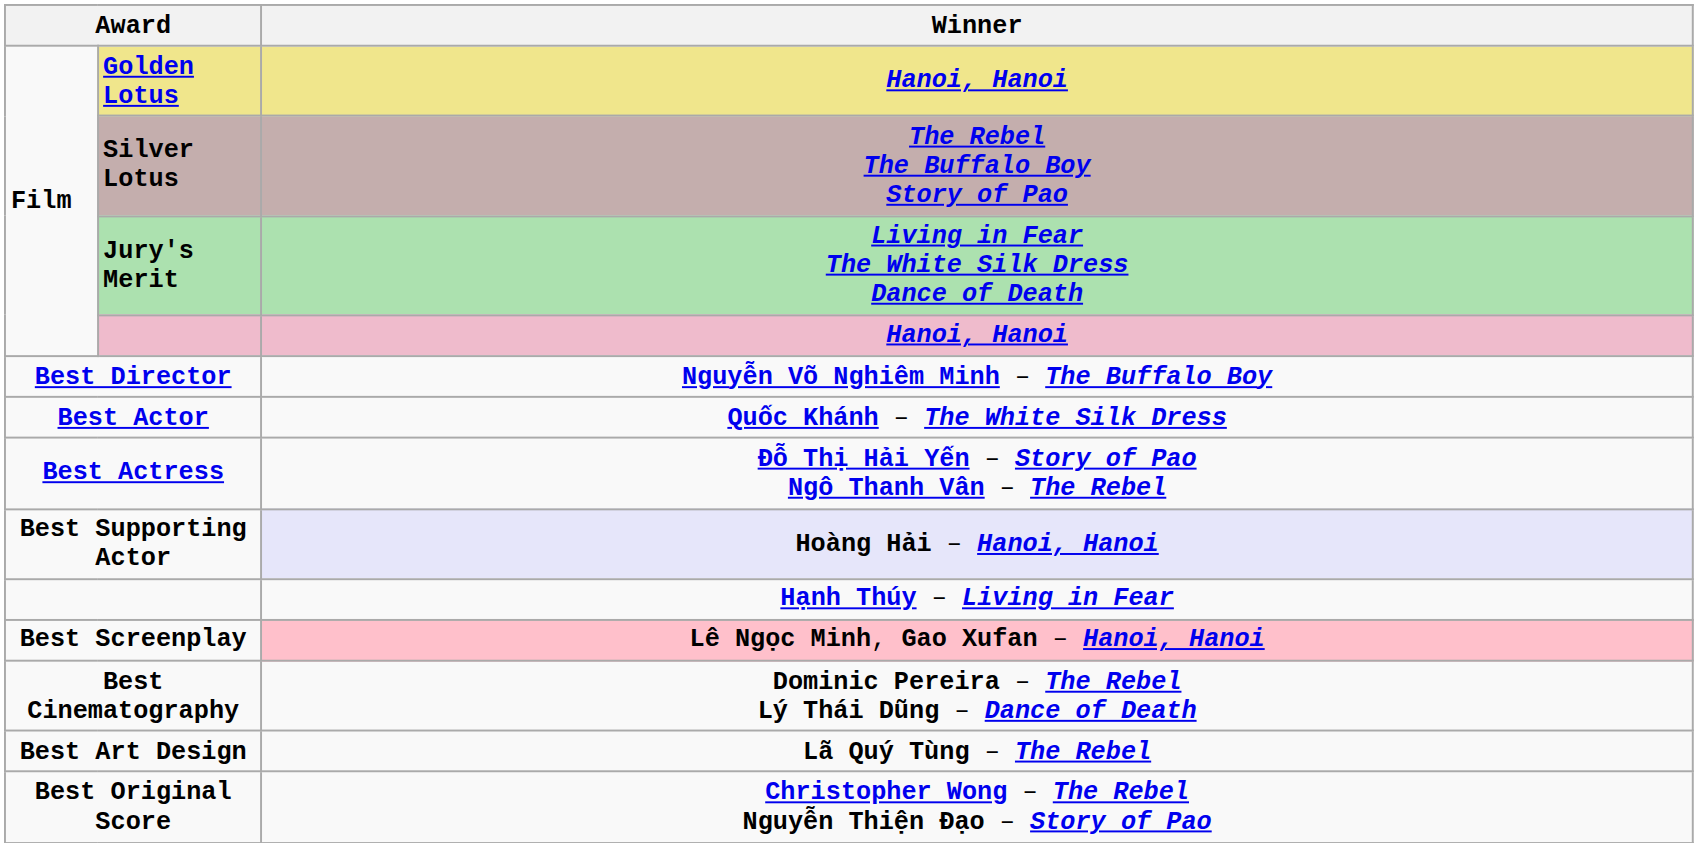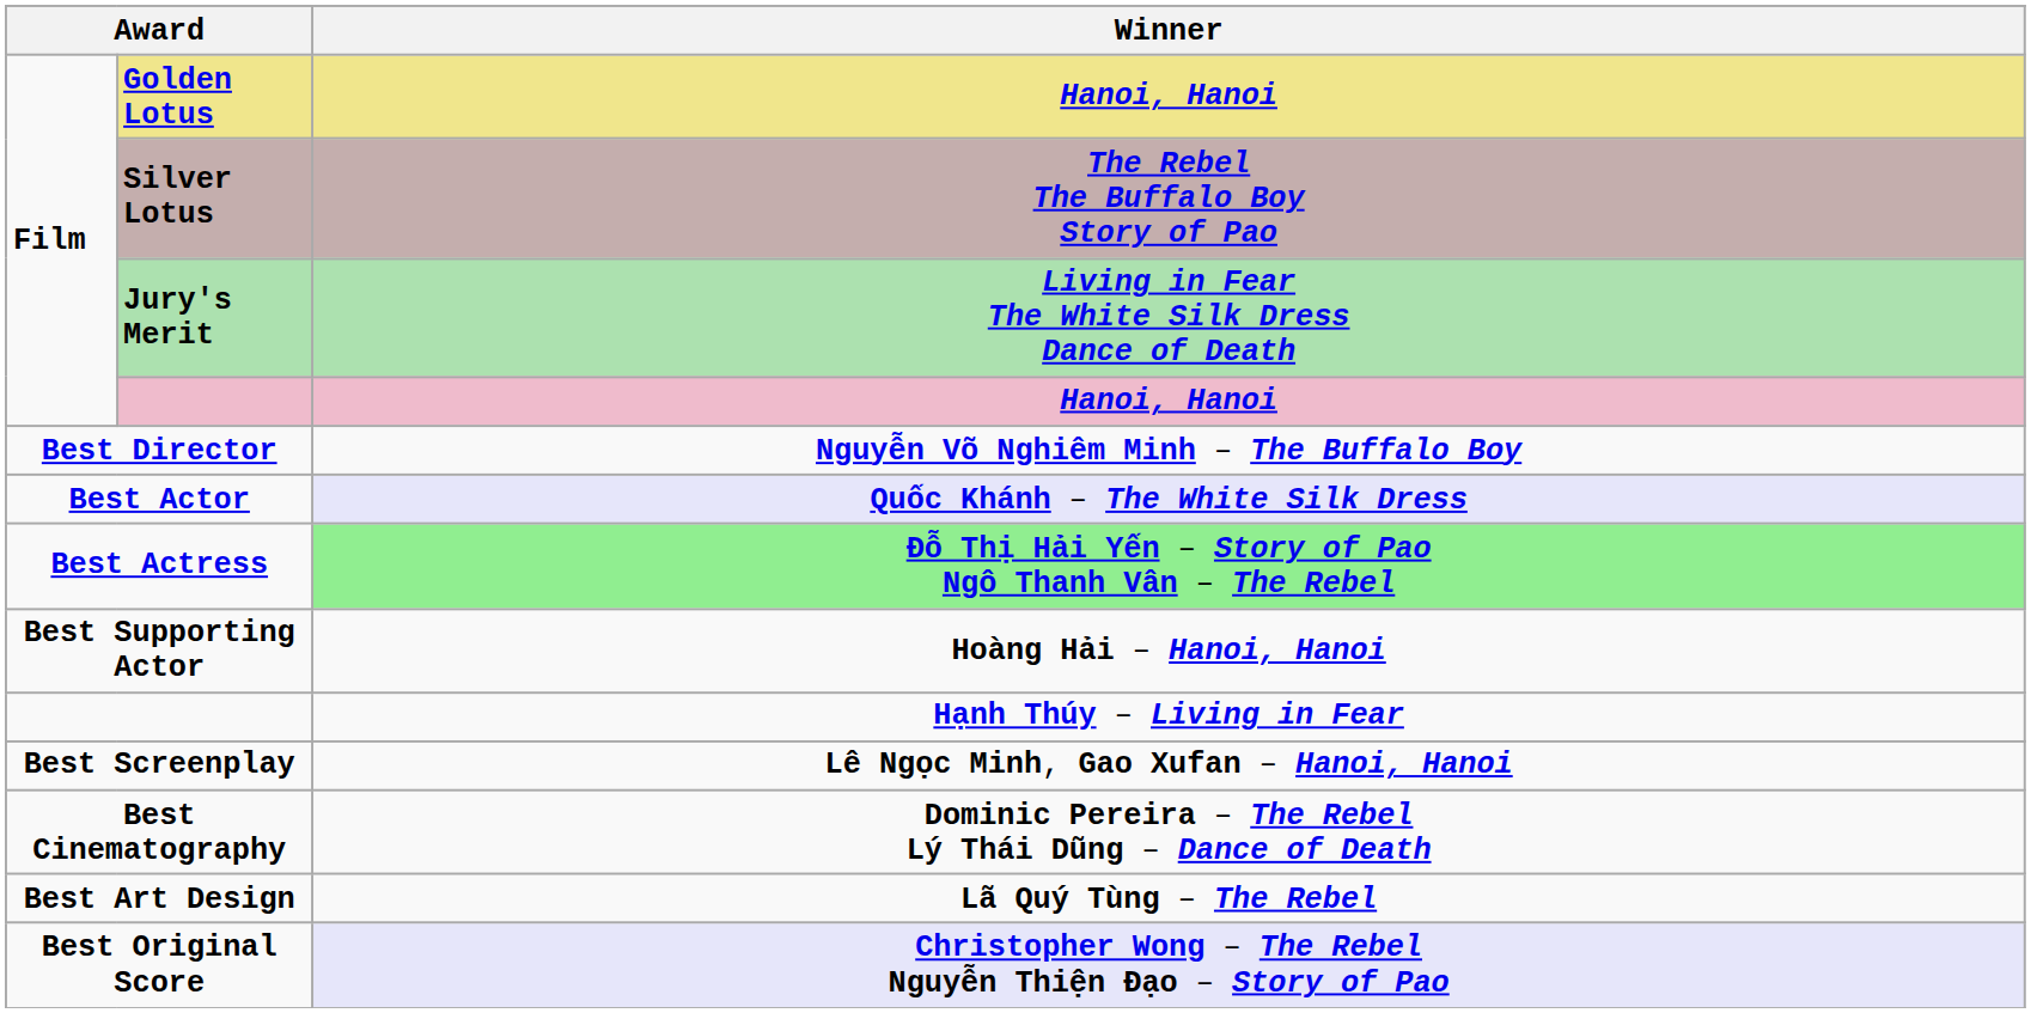 <table class=wikitable>
 <tr>
 <th width="12%" colspan="2">Award</th>
 <th width="76%">Winner</th>
 </tr>
 <tr>
 <td rowspan="4"><strong>Film</strong></td>
 <td style="background:#F0E68C"><strong><a href='#'>Golden Lotus</a></strong></td>
 <td style="background:#F0E68C" align=center><strong><em><a href='#'>Hanoi, Hanoi</a></em></strong></td>
 </tr>
 <tr>
 <td style="background:#C4AEAD"><strong>Silver Lotus</strong></td>
 <td style="background:#C4AEAD" align=center><strong><em><a href='#'>The Rebel</a></em></strong><br><strong><em><a href='#'>The Buffalo Boy</a></em></strong><br><strong><em><a href='#'>Story of Pao</a></em></strong></td>
 </tr>
 <tr>
 <td style="background:#ACE1AF"><strong>Jury's Merit</strong></td>
 <td style="background:#ACE1AF" align=center><strong><em><a href='#'>Living in Fear</a></em></strong><br><strong><em><a href='#'>The White Silk Dress</a></em></strong><br><strong><em><a href='#'>Dance of Death</a></em></strong></td>
 </tr>
 <tr>
 <td style="background:#EFBBCC"><strong></strong></td>
 <td style="background:#EFBBCC" align=center><strong><em><a href='#'>Hanoi, Hanoi</a></em></strong></td>
 </tr>
 <tr>
 <td colspan="2" align=center><strong><a href='#'>Best Director</a></strong></td>
 <td align=center><strong><a href='#'>Nguyễn Võ Nghiêm Minh</a></strong> – <strong><em><a href='#'>The Buffalo Boy</a></em></strong></td>
 </tr>
 <tr>
 <td colspan="2" align=center><strong><a href='#'>Best Actor</a></strong></td>
-<td align=center><strong><a href='#'>Quốc Khánh</a></strong> – <strong><em><a href='#'>The White Silk Dress</a></em></strong></td>
+<td align=center style="background: lavender;"><strong><a href='#'>Quốc Khánh</a></strong> – <strong><em><a href='#'>The White Silk Dress</a></em></strong></td>
 </tr>
 <tr>
 <td colspan="2" align=center><strong><a href='#'>Best Actress</a></strong></td>
-<td align=center><strong><a href='#'>Đỗ Thị Hải Yến</a></strong> – <strong><em><a href='#'>Story of Pao</a></em></strong><br><strong><a href='#'>Ngô Thanh Vân</a></strong> – <strong><em><a href='#'>The Rebel</a></em></strong></td>
+<td align=center style="background: lightgreen;"><strong><a href='#'>Đỗ Thị Hải Yến</a></strong> – <strong><em><a href='#'>Story of Pao</a></em></strong><br><strong><a href='#'>Ngô Thanh Vân</a></strong> – <strong><em><a href='#'>The Rebel</a></em></strong></td>
 </tr>
 <tr>
 <td colspan="2" align=center><strong>Best Supporting Actor</strong></td>
-<td align=center style="background: lavender;"><strong>Hoàng Hải</strong> – <strong><em><a href='#'>Hanoi, Hanoi</a></em></strong></td>
+<td align=center><strong>Hoàng Hải</strong> – <strong><em><a href='#'>Hanoi, Hanoi</a></em></strong></td>
 </tr>
 <tr>
 <td colspan="2" align=center><strong></strong></td>
 <td align=center><strong><a href='#'>Hạnh Thúy</a></strong> – <strong><em><a href='#'>Living in Fear</a></em></strong></td>
 </tr>
 <tr>
 <td colspan="2" align=center><strong>Best Screenplay</strong></td>
-<td align=center style="background: pink;"><strong>Lê Ngọc Minh</strong>, <strong>Gao Xufan</strong> – <strong><em><a href='#'>Hanoi, Hanoi</a></em></strong></td>
+<td align=center><strong>Lê Ngọc Minh</strong>, <strong>Gao Xufan</strong> – <strong><em><a href='#'>Hanoi, Hanoi</a></em></strong></td>
 </tr>
 <tr>
 <td colspan="2" align=center><strong>Best Cinematography</strong></td>
 <td align=center><strong>Dominic Pereira</strong> – <strong><em><a href='#'>The Rebel</a></em></strong><br><strong>Lý Thái Dũng</strong> – <strong><em><a href='#'>Dance of Death</a></em></strong></td>
 </tr>
 <tr>
 <td colspan="2" align=center><strong>Best Art Design</strong></td>
 <td align=center><strong>Lã Quý Tùng</strong> – <strong><em><a href='#'>The Rebel</a></em></strong></td>
 </tr>
 <tr>
 <td colspan="2" align=center><strong>Best Original Score</strong></td>
-<td align=center><strong><a href='#'>Christopher Wong</a></strong> – <strong><em><a href='#'>The Rebel</a></em></strong><br><strong>Nguyễn Thiện Đạo</strong> – <strong><em><a href='#'>Story of Pao</a></em></strong></td>
+<td align=center style="background: lavender;"><strong><a href='#'>Christopher Wong</a></strong> – <strong><em><a href='#'>The Rebel</a></em></strong><br><strong>Nguyễn Thiện Đạo</strong> – <strong><em><a href='#'>Story of Pao</a></em></strong></td>
 </tr>
 </table>
